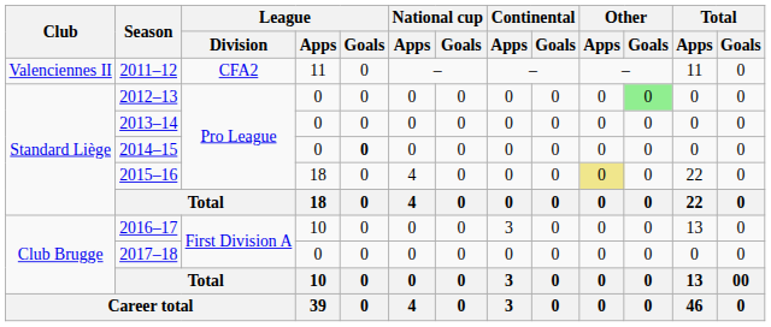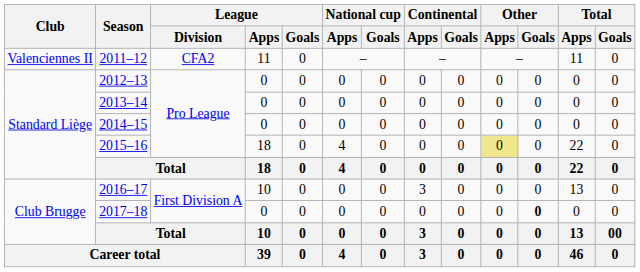 <table class="wikitable" style="text-align:center">
 <tr>
 <th rowspan="2">Club</th>
 <th rowspan="2">Season</th>
 <th colspan="3">League</th>
 <th colspan="2">National cup</th>
 <th colspan="2">Continental</th>
 <th colspan="2">Other</th>
 <th colspan="2">Total</th>
 </tr>
 <tr>
 <th>Division</th>
 <th>Apps</th>
 <th>Goals</th>
 <th>Apps</th>
 <th>Goals</th>
 <th>Apps</th>
 <th>Goals</th>
 <th>Apps</th>
 <th>Goals</th>
 <th>Apps</th>
 <th>Goals</th>
 </tr>
 <tr>
 <td><a href='#'>Valenciennes II</a></td>
 <td><a href='#'>2011–12</a></td>
 <td><a href='#'>CFA2</a></td>
 <td>11</td>
 <td>0</td>
 <td colspan="2">–</td>
 <td colspan="2">–</td>
 <td colspan="2">–</td>
 <td>11</td>
 <td>0</td>
 </tr>
 <tr>
 <td rowspan="5"><a href='#'>Standard Liège</a></td>
 <td><a href='#'>2012–13</a></td>
 <td rowspan="4"><a href='#'>Pro League</a></td>
 <td>0</td>
 <td>0</td>
 <td>0</td>
 <td>0</td>
 <td>0</td>
 <td>0</td>
 <td>0</td>
-<td style="background: lightgreen;">0</td>
+<td>0</td>
 <td>0</td>
 <td>0</td>
 </tr>
 <tr>
 <td><a href='#'>2013–14</a></td>
 <td>0</td>
 <td>0</td>
 <td>0</td>
 <td>0</td>
 <td>0</td>
 <td>0</td>
 <td>0</td>
 <td>0</td>
 <td>0</td>
 <td>0</td>
 </tr>
 <tr>
 <td><a href='#'>2014–15</a></td>
 <td>0</td>
-<td><strong>0</strong></td>
+<td>0</td>
 <td>0</td>
 <td>0</td>
 <td>0</td>
 <td>0</td>
 <td>0</td>
 <td>0</td>
 <td>0</td>
 <td>0</td>
 </tr>
 <tr>
 <td><a href='#'>2015–16</a></td>
 <td>18</td>
 <td>0</td>
 <td>4</td>
 <td>0</td>
 <td>0</td>
 <td>0</td>
 <td style="background: khaki;">0</td>
 <td>0</td>
 <td>22</td>
 <td>0</td>
 </tr>
 <tr>
 <th colspan="2">Total</th>
 <th>18</th>
 <th>0</th>
 <th>4</th>
 <th>0</th>
 <th>0</th>
 <th>0</th>
 <th>0</th>
 <th>0</th>
 <th>22</th>
 <th>0</th>
 </tr>
 <tr>
 <td rowspan="3"><a href='#'>Club Brugge</a></td>
 <td><a href='#'>2016–17</a></td>
 <td rowspan="2"><a href='#'>First Division A</a></td>
 <td>10</td>
 <td>0</td>
 <td>0</td>
 <td>0</td>
 <td>3</td>
 <td>0</td>
 <td>0</td>
 <td>0</td>
 <td>13</td>
 <td>0</td>
 </tr>
 <tr>
 <td><a href='#'>2017–18</a></td>
 <td>0</td>
 <td>0</td>
 <td>0</td>
 <td>0</td>
 <td>0</td>
 <td>0</td>
 <td>0</td>
-<td>0</td>
+<td><strong>0</strong></td>
 <td>0</td>
 <td>0</td>
 </tr>
 <tr>
 <th colspan="2">Total</th>
 <th>10</th>
 <th>0</th>
 <th>0</th>
 <th>0</th>
 <th>3</th>
 <th>0</th>
 <th>0</th>
 <th>0</th>
 <th>13</th>
 <th>00</th>
 </tr>
 <tr>
 <th colspan="3">Career total</th>
 <th>39</th>
 <th>0</th>
 <th>4</th>
 <th>0</th>
 <th>3</th>
 <th>0</th>
 <th>0</th>
 <th>0</th>
 <th>46</th>
 <th>0</th>
 </tr>
 </table>
